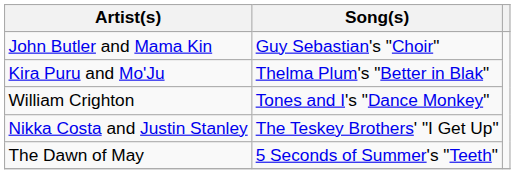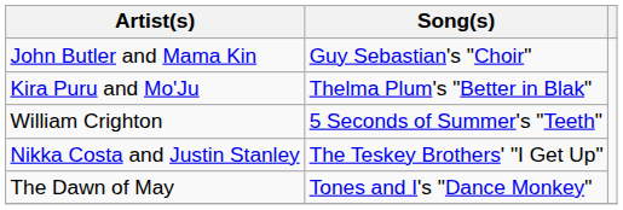 <table class="wikitable plainrowheaders">
 <tr>
 <th scope="col">Artist(s)</th>
 <th scope="col">Song(s)</th>
 <th scope="col"></th>
 </tr>
 <tr>
 <td><a href='#'>John Butler</a> and <a href='#'>Mama Kin</a></td>
 <td><a href='#'>Guy Sebastian</a>'s "<a href='#'>Choir</a>"</td>
 <td rowspan="5"></td>
 </tr>
 <tr>
 <td><a href='#'>Kira Puru</a> and <a href='#'>Mo'Ju</a></td>
 <td><a href='#'>Thelma Plum</a>'s "<a href='#'>Better in Blak</a>"</td>
 </tr>
 <tr>
 <td>William Crighton</td>
-<td><a href='#'>Tones and I</a>'s "<a href='#'>Dance Monkey</a>"</td>
+<td><a href='#'>5 Seconds of Summer</a>'s "<a href='#'>Teeth</a>"</td>
 </tr>
 <tr>
 <td><a href='#'>Nikka Costa</a> and <a href='#'>Justin Stanley</a></td>
 <td><a href='#'>The Teskey Brothers</a>' "I Get Up"</td>
 </tr>
 <tr>
 <td>The Dawn of May</td>
-<td><a href='#'>5 Seconds of Summer</a>'s "<a href='#'>Teeth</a>"</td>
+<td><a href='#'>Tones and I</a>'s "<a href='#'>Dance Monkey</a>"</td>
 </tr>
 <tr>
 </tr>
 </table>
